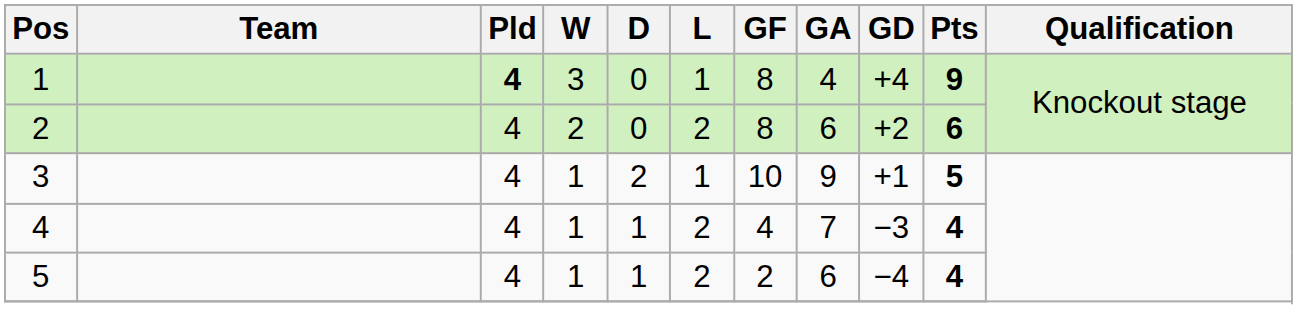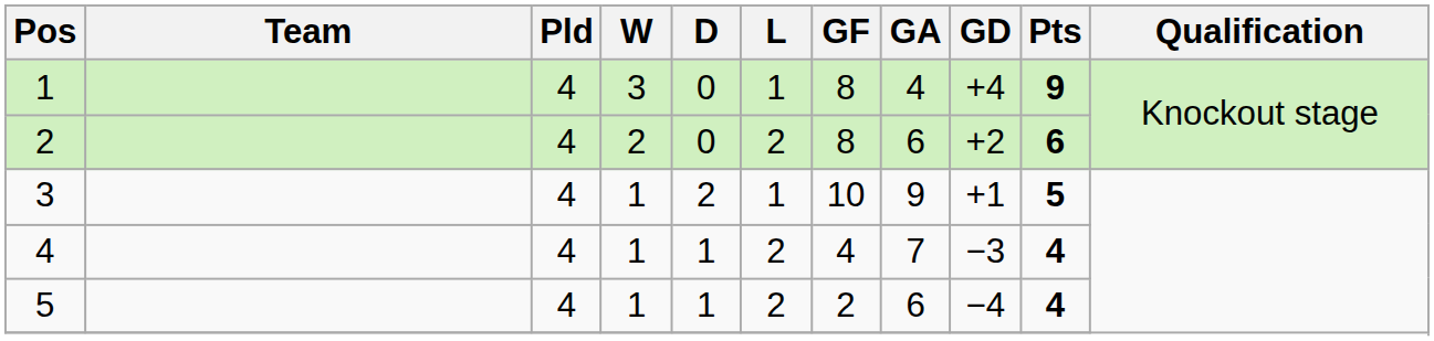 <table class="wikitable" border="1" style="text-align: center;">
 <tr>
 <th width="25"><abbr>Pos</abbr></th>
 <th width="200">Team</th>
 <th width="25"><abbr>Pld</abbr></th>
 <th width="25"><abbr>W</abbr></th>
 <th width="25"><abbr>D</abbr></th>
 <th width="25"><abbr>L</abbr></th>
 <th width="25"><abbr>GF</abbr></th>
 <th width="25"><abbr>GA</abbr></th>
 <th width="25"><abbr>GD</abbr></th>
 <th width="25"><abbr>Pts</abbr></th>
 <th width="150">Qualification</th>
 </tr>
 <tr bgcolor= #D0F0C0>
 <td>1</td>
 <td align="left"></td>
-<td><strong>4</strong></td>
+<td>4</td>
 <td>3</td>
 <td>0</td>
 <td>1</td>
 <td>8</td>
 <td>4</td>
 <td>+4</td>
 <td><strong>9</strong></td>
 <td rowspan=2>Knockout stage</td>
 </tr>
 <tr bgcolor= #D0F0C0>
 <td>2</td>
 <td align="left"></td>
 <td>4</td>
 <td>2</td>
 <td>0</td>
 <td>2</td>
 <td>8</td>
 <td>6</td>
 <td>+2</td>
 <td><strong>6</strong></td>
 </tr>
 <tr>
 <td>3</td>
 <td align="left"></td>
 <td>4</td>
 <td>1</td>
 <td>2</td>
 <td>1</td>
 <td>10</td>
 <td>9</td>
 <td>+1</td>
 <td><strong>5</strong></td>
 </tr>
 <tr>
 <td>4</td>
 <td align="left"></td>
 <td>4</td>
 <td>1</td>
 <td>1</td>
 <td>2</td>
 <td>4</td>
 <td>7</td>
 <td>−3</td>
 <td><strong>4</strong></td>
 </tr>
 <tr>
 <td>5</td>
 <td align="left"></td>
 <td>4</td>
 <td>1</td>
 <td>1</td>
 <td>2</td>
 <td>2</td>
 <td>6</td>
 <td>−4</td>
 <td><strong>4</strong></td>
 </tr>
 <tr>
 </tr>
 </table>
